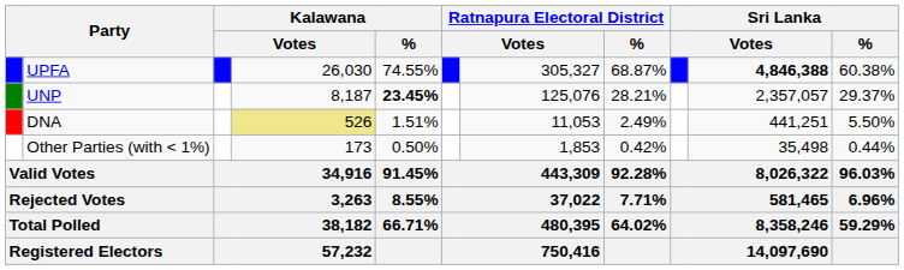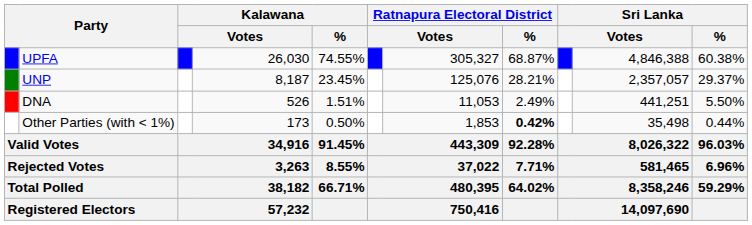 <table class="wikitable">
 <tr>
 <th colspan="2" width="144px"rowspan="2">Party</th>
 <th colspan="3" width="216px">Kalawana</th>
 <th colspan="3" width="216px"><a href='#'>Ratnapura Electoral District</a></th>
 <th colspan="3" width="216px">Sri Lanka</th>
 </tr>
 <tr>
 <th colspan="2" width="144px">Votes</th>
 <th>%</th>
 <th colspan="2" width="144px">Votes</th>
 <th>%</th>
 <th colspan="2" width="144px">Votes</th>
 <th>%</th>
 </tr>
 <tr>
 <td style="background-color:blue;" width="10px"></td>
 <td style="text-align:left;"><a href='#'>UPFA</a></td>
 <td style="background-color:blue;" width="10px"></td>
 <td style="text-align:right;">26,030</td>
 <td style="text-align:right;">74.55%</td>
 <td style="background-color:blue;" width="10px"></td>
 <td style="text-align:right;">305,327</td>
 <td style="text-align:right;">68.87%</td>
 <td style="background-color:blue;" width="10px"></td>
-<td style="text-align:right;"><strong>4,846,388</strong></td>
+<td style="text-align:right;">4,846,388</td>
 <td style="text-align:right;">60.38%</td>
 </tr>
 <tr>
 <td style="background-color:green;" width="10px"></td>
 <td style="text-align:left;"><a href='#'>UNP</a></td>
 <td style="background-color:white;" width="10px"></td>
 <td style="text-align:right;">8,187</td>
-<td style="text-align:right;"><strong>23.45%</strong></td>
+<td style="text-align:right;">23.45%</td>
 <td style="background-color:white;" width="10px"></td>
 <td style="text-align:right;">125,076</td>
 <td style="text-align:right;">28.21%</td>
 <td style="background-color:white;" width="10px"></td>
 <td style="text-align:right;">2,357,057</td>
 <td style="text-align:right;">29.37%</td>
 </tr>
 <tr>
 <td style="background-color:red;" width="10px"></td>
 <td style="text-align:left;">DNA</td>
 <td style="background-color:white;" width="10px"></td>
-<td style="background: khaki; text-align:right;">526</td>
+<td style="text-align:right;">526</td>
 <td style="text-align:right;">1.51%</td>
 <td style="background-color:white;" width="10px"></td>
 <td style="text-align:right;">11,053</td>
 <td style="text-align:right;">2.49%</td>
 <td style="background-color:white;" width="10px"></td>
 <td style="text-align:right;">441,251</td>
 <td style="text-align:right;">5.50%</td>
 </tr>
 <tr>
 <td style="background-color:white;" width="10px"></td>
 <td style="text-align:left;">Other Parties (with < 1%)</td>
 <td style="background-color:white;" width="10px"></td>
 <td style="text-align:right;">173</td>
 <td style="text-align:right;">0.50%</td>
 <td style="background-color:white;" width="10px"></td>
 <td style="text-align:right;">1,853</td>
-<td style="text-align:right;">0.42%</td>
+<td style="text-align:right;"><strong>0.42%</strong></td>
 <td style="background-color:white;" width="10px"></td>
 <td style="text-align:right;">35,498</td>
 <td style="text-align:right;">0.44%</td>
 </tr>
 <tr>
 <th colspan="2" width="144px"style="text-align:left;">Valid Votes</th>
 <th style="text-align:right;"colspan="2" width="144px">34,916</th>
 <th style="text-align:right;">91.45%</th>
 <th style="text-align:right;"colspan="2" width="144px">443,309</th>
 <th style="text-align:right;">92.28%</th>
 <th style="text-align:right;"colspan="2" width="144px">8,026,322</th>
 <th style="text-align:right;">96.03%</th>
 </tr>
 <tr>
 <th colspan="2" width="144px"style="text-align:left;">Rejected Votes</th>
 <th style="text-align:right;"colspan="2" width="144px">3,263</th>
 <th style="text-align:right;">8.55%</th>
 <th style="text-align:right;"colspan="2" width="144px">37,022</th>
 <th style="text-align:right;">7.71%</th>
 <th style="text-align:right;"colspan="2" width="144px">581,465</th>
 <th style="text-align:right;">6.96%</th>
 </tr>
 <tr>
 <th colspan="2" width="144px"style="text-align:left;">Total Polled</th>
 <th style="text-align:right;"colspan="2" width="144px">38,182</th>
 <th style="text-align:right;">66.71%</th>
 <th style="text-align:right;"colspan="2" width="144px">480,395</th>
 <th style="text-align:right;">64.02%</th>
 <th style="text-align:right;"colspan="2" width="144px">8,358,246</th>
 <th style="text-align:right;">59.29%</th>
 </tr>
 <tr>
 <th colspan="2" width="144px"style="text-align:left;">Registered Electors</th>
 <th style="text-align:right;"colspan="2" width="144px">57,232</th>
 <th></th>
 <th style="text-align:right;"colspan="2" width="144px">750,416</th>
 <th></th>
 <th style="text-align:right;"colspan="2" width="144px">14,097,690</th>
 <th></th>
 </tr>
 </table>
